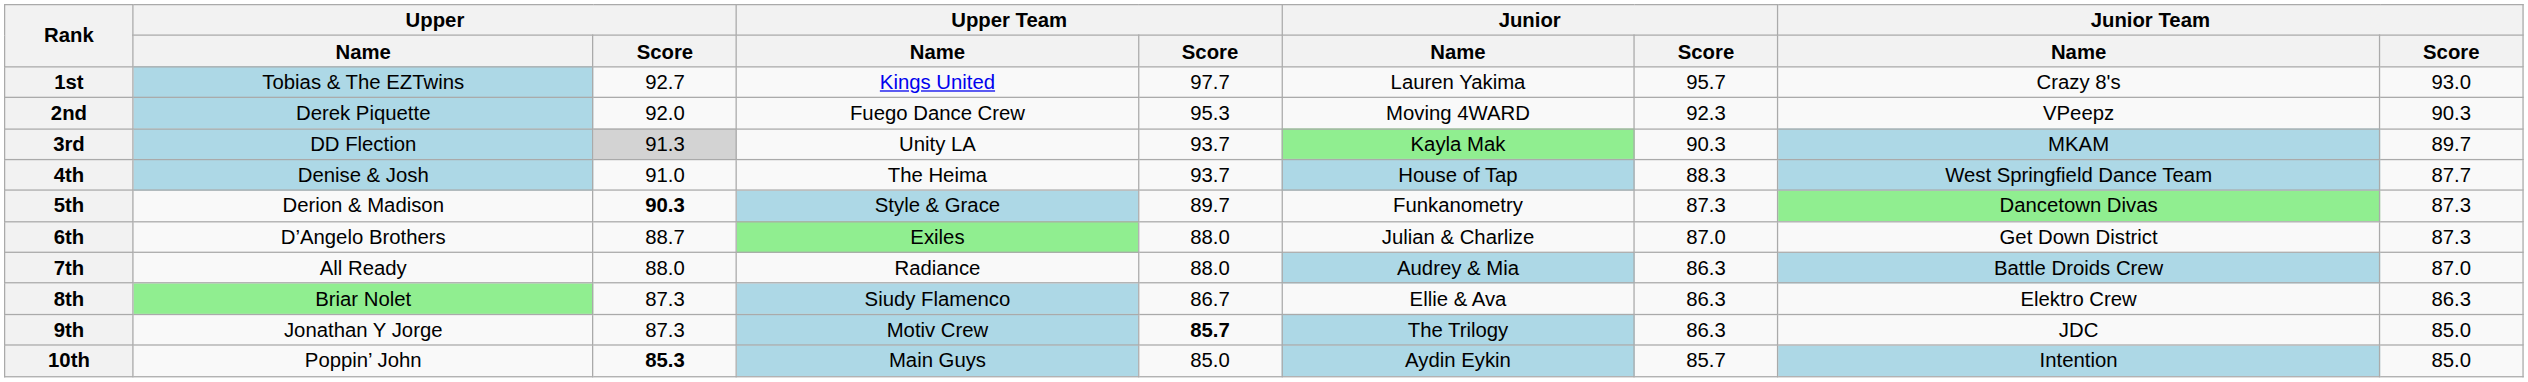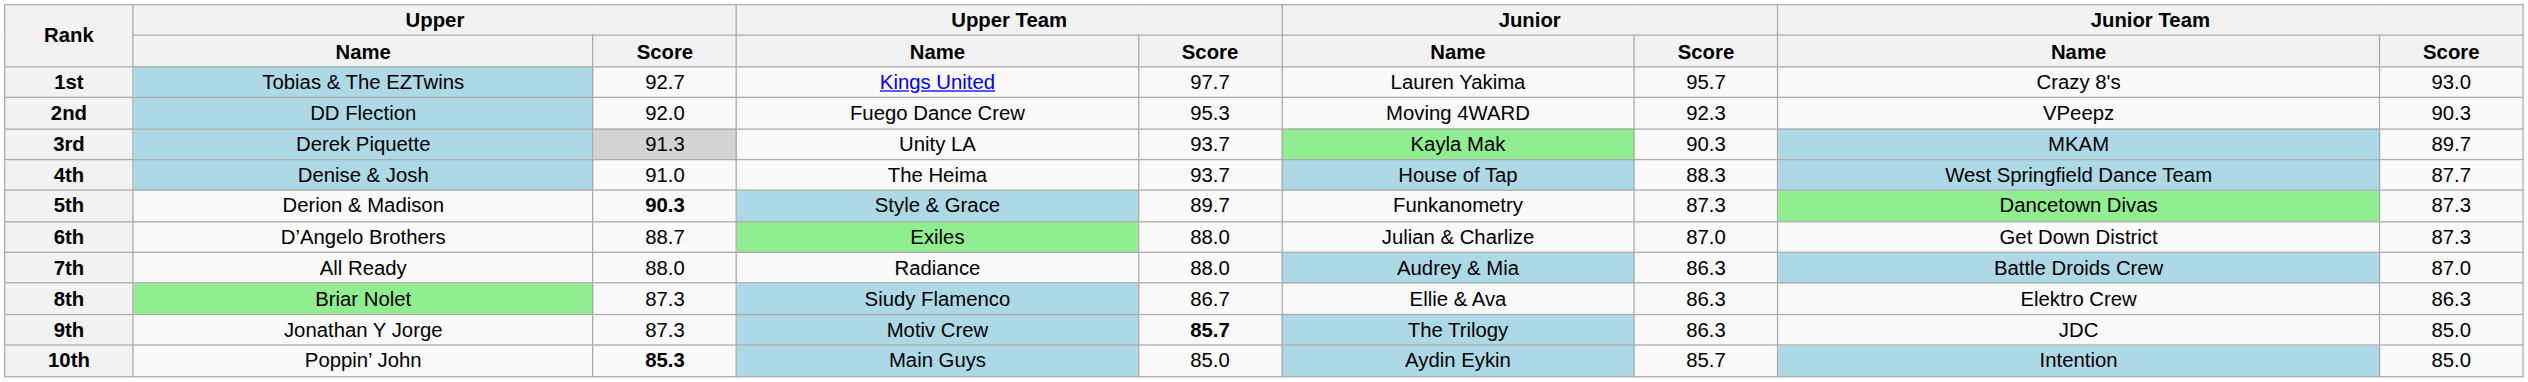 <table class="wikitable" style="text-align:center; line-height:17px; width:100%;">
 <tr>
 <th scope="col" rowspan="2">Rank</th>
 <th scope="col" colspan="2">Upper</th>
 <th scope="col" colspan="2">Upper Team</th>
 <th scope="col" colspan="2">Junior</th>
 <th scope="col" colspan="2">Junior Team</th>
 </tr>
 <tr>
 <th scope="col">Name</th>
 <th scope="col">Score</th>
 <th scope="col">Name</th>
 <th scope="col">Score</th>
 <th scope="col">Name</th>
 <th scope="col">Score</th>
 <th scope="col">Name</th>
 <th scope="col">Score</th>
 </tr>
 <tr>
 <th scope="row">1st</th>
 <td style="color:black; background:LightBlue;">Tobias & The EZTwins</td>
 <td>92.7</td>
 <td><a href='#'>Kings United</a></td>
 <td>97.7</td>
 <td>Lauren Yakima</td>
 <td>95.7</td>
 <td>Crazy 8's</td>
 <td>93.0</td>
 </tr>
 <tr>
 <th scope="row">2nd</th>
-<td style="color:black; background:LightBlue;">Derek Piquette</td>
+<td style="color:black; background:LightBlue;">DD Flection</td>
 <td>92.0</td>
 <td>Fuego Dance Crew</td>
 <td>95.3</td>
 <td>Moving 4WARD</td>
 <td>92.3</td>
 <td>VPeepz</td>
 <td>90.3</td>
 </tr>
 <tr>
 <th scope="row">3rd</th>
-<td style="color:black; background:LightBlue;">DD Flection</td>
+<td style="color:black; background:LightBlue;">Derek Piquette</td>
 <td style="background: lightgrey;">91.3</td>
 <td>Unity LA</td>
 <td>93.7</td>
 <td style="color:black; background:LightGreen;">Kayla Mak</td>
 <td>90.3</td>
 <td style="color:black; background:LightBlue;”">MKAM</td>
 <td>89.7</td>
 </tr>
 <tr>
 <th scope="row">4th</th>
 <td style="color:black; background:LightBlue;">Denise & Josh</td>
 <td>91.0</td>
 <td>The Heima</td>
 <td>93.7</td>
 <td style="color:black; background:LightBlue;">House of Tap</td>
 <td>88.3</td>
 <td style="color:black; background:LightBlue;">West Springfield Dance Team</td>
 <td>87.7</td>
 </tr>
 <tr>
 <th scope="row">5th</th>
 <td>Derion & Madison</td>
 <td><strong>90.3</strong></td>
 <td style="color:black; background:LightBlue;">Style & Grace</td>
 <td>89.7</td>
 <td>Funkanometry</td>
 <td>87.3</td>
 <td style="color:black; background:LightGreen;">Dancetown Divas</td>
 <td>87.3</td>
 </tr>
 <tr>
 <th scope="row">6th</th>
 <td>D’Angelo Brothers</td>
 <td>88.7</td>
 <td style="color:black; background:LightGreen;">Exiles</td>
 <td>88.0</td>
 <td>Julian & Charlize</td>
 <td>87.0</td>
 <td>Get Down District</td>
 <td>87.3</td>
 </tr>
 <tr>
 <th scope="row">7th</th>
 <td>All Ready</td>
 <td>88.0</td>
 <td>Radiance</td>
 <td>88.0</td>
 <td style="color:black; background:LightBlue;">Audrey & Mia</td>
 <td>86.3</td>
 <td style="color:black; background:LightBlue;">Battle Droids Crew</td>
 <td>87.0</td>
 </tr>
 <tr>
 <th scope="row">8th</th>
 <td style="color:black; background:LightGreen;">Briar Nolet</td>
 <td>87.3</td>
 <td style="color:black; background:LightBlue;">Siudy Flamenco</td>
 <td>86.7</td>
 <td>Ellie & Ava</td>
 <td>86.3</td>
 <td>Elektro Crew</td>
 <td>86.3</td>
 </tr>
 <tr>
 <th scope="row">9th</th>
 <td>Jonathan Y Jorge</td>
 <td>87.3</td>
 <td style="color:black; background:LightBlue;">Motiv Crew</td>
 <td><strong>85.7</strong></td>
 <td style="color:black; background:LightBlue;">The Trilogy</td>
 <td>86.3</td>
 <td>JDC</td>
 <td>85.0</td>
 </tr>
 <tr>
 <th scope="row">10th</th>
 <td>Poppin’ John</td>
 <td><strong>85.3</strong></td>
 <td style="color:black; background:LightBlue;">Main Guys</td>
 <td>85.0</td>
 <td style="color:black; background:LightBlue;">Aydin Eykin</td>
 <td>85.7</td>
 <td style="color:black; background:LightBlue;">Intention</td>
 <td>85.0</td>
 </tr>
 </table>
